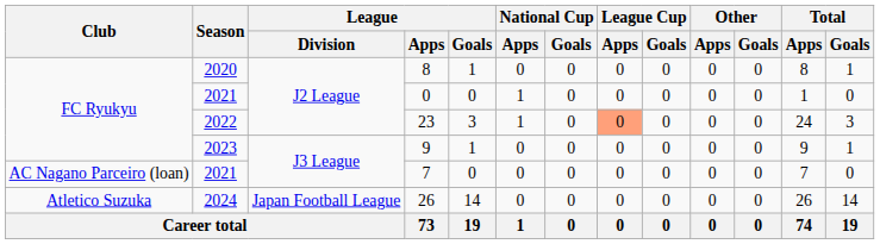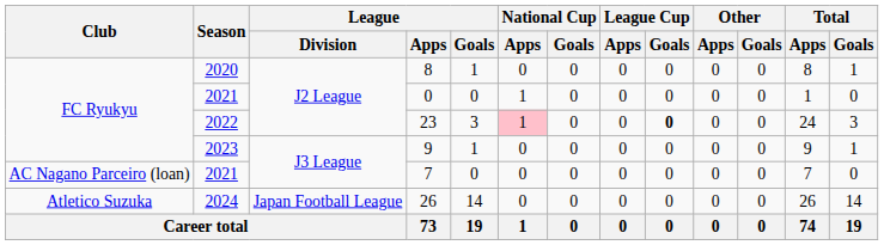 <table class="wikitable" style="text-align: center">
 <tr>
 <th rowspan="2">Club</th>
 <th rowspan="2">Season</th>
 <th colspan="3">League</th>
 <th colspan="2">National Cup</th>
 <th colspan="2">League Cup</th>
 <th colspan="2">Other</th>
 <th colspan="2">Total</th>
 </tr>
 <tr>
 <th>Division</th>
 <th>Apps</th>
 <th>Goals</th>
 <th>Apps</th>
 <th>Goals</th>
 <th>Apps</th>
 <th>Goals</th>
 <th>Apps</th>
 <th>Goals</th>
 <th>Apps</th>
 <th>Goals</th>
 </tr>
 <tr>
 <td rowspan="4"><a href='#'>FC Ryukyu</a></td>
 <td><a href='#'>2020</a></td>
 <td rowspan="3"><a href='#'>J2 League</a></td>
 <td>8</td>
 <td>1</td>
 <td>0</td>
 <td>0</td>
 <td>0</td>
 <td>0</td>
 <td>0</td>
 <td>0</td>
 <td>8</td>
 <td>1</td>
 </tr>
 <tr>
 <td><a href='#'>2021</a></td>
 <td>0</td>
 <td>0</td>
 <td>1</td>
 <td>0</td>
 <td>0</td>
 <td>0</td>
 <td>0</td>
 <td>0</td>
 <td>1</td>
 <td>0</td>
 </tr>
 <tr>
 <td><a href='#'>2022</a></td>
 <td>23</td>
 <td>3</td>
-<td>1</td>
+<td style="background: pink;">1</td>
 <td>0</td>
-<td style="background: lightsalmon;">0</td>
 <td>0</td>
+<td><strong>0</strong></td>
 <td>0</td>
 <td>0</td>
 <td>24</td>
 <td>3</td>
 </tr>
 <tr>
 <td><a href='#'>2023</a></td>
 <td rowspan="2"><a href='#'>J3 League</a></td>
 <td>9</td>
 <td>1</td>
 <td>0</td>
 <td>0</td>
 <td>0</td>
 <td>0</td>
 <td>0</td>
 <td>0</td>
 <td>9</td>
 <td>1</td>
 </tr>
 <tr>
 <td><a href='#'>AC Nagano Parceiro</a> (loan)</td>
 <td><a href='#'>2021</a></td>
 <td>7</td>
 <td>0</td>
 <td>0</td>
 <td>0</td>
 <td>0</td>
 <td>0</td>
 <td>0</td>
 <td>0</td>
 <td>7</td>
 <td>0</td>
 </tr>
 <tr>
 <td><a href='#'>Atletico Suzuka</a></td>
 <td><a href='#'>2024</a></td>
 <td><a href='#'>Japan Football League</a></td>
 <td>26</td>
 <td>14</td>
 <td>0</td>
 <td>0</td>
 <td>0</td>
 <td>0</td>
 <td>0</td>
 <td>0</td>
 <td>26</td>
 <td>14</td>
 </tr>
 <tr>
 <th colspan=3>Career total</th>
 <th>73</th>
 <th>19</th>
 <th>1</th>
 <th>0</th>
 <th>0</th>
 <th>0</th>
 <th>0</th>
 <th>0</th>
 <th>74</th>
 <th>19</th>
 </tr>
 </table>
